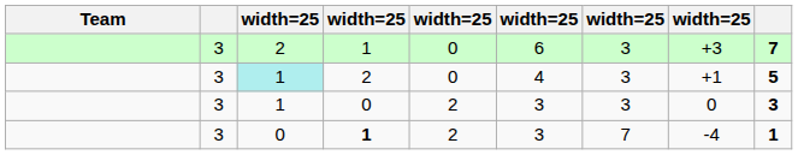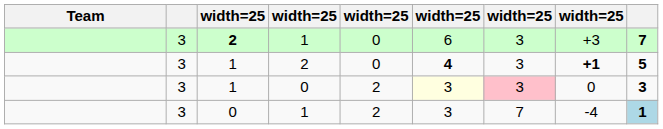 <table class="wikitable sortable" style="text-align: center;">
 <tr>
 <th width=165>Team</th>
 <th width=25></th>
 <th>width=25</th>
 <th>width=25</th>
 <th>width=25</th>
 <th>width=25</th>
 <th>width=25</th>
 <th>width=25</th>
 <th width=25></th>
 </tr>
 <tr style="background:#ccffcc;">
 <td style="text-align:left;"></td>
 <td>3</td>
-<td>2</td>
+<td><strong>2</strong></td>
 <td>1</td>
 <td>0</td>
 <td>6</td>
 <td>3</td>
 <td>+3</td>
 <td><strong>7</strong></td>
 </tr>
 <tr>
 <td style="text-align:left;"></td>
 <td>3</td>
-<td style="background: paleturquoise;">1</td>
+<td>1</td>
 <td>2</td>
 <td>0</td>
-<td>4</td>
+<td><strong>4</strong></td>
 <td>3</td>
-<td>+1</td>
+<td><strong>+1</strong></td>
 <td><strong>5</strong></td>
 </tr>
 <tr>
 <td style="text-align:left;"></td>
 <td>3</td>
 <td>1</td>
 <td>0</td>
 <td>2</td>
-<td>3</td>
-<td>3</td>
+<td style="background: lightyellow;">3</td>
+<td style="background: pink;">3</td>
 <td>0</td>
 <td><strong>3</strong></td>
 </tr>
 <tr>
 <td style="text-align:left;"></td>
 <td>3</td>
 <td>0</td>
-<td><strong>1</strong></td>
+<td>1</td>
 <td>2</td>
 <td>3</td>
 <td>7</td>
 <td>-4</td>
-<td><strong>1</strong></td>
+<td style="background: lightblue;"><strong>1</strong></td>
 </tr>
 </table>
